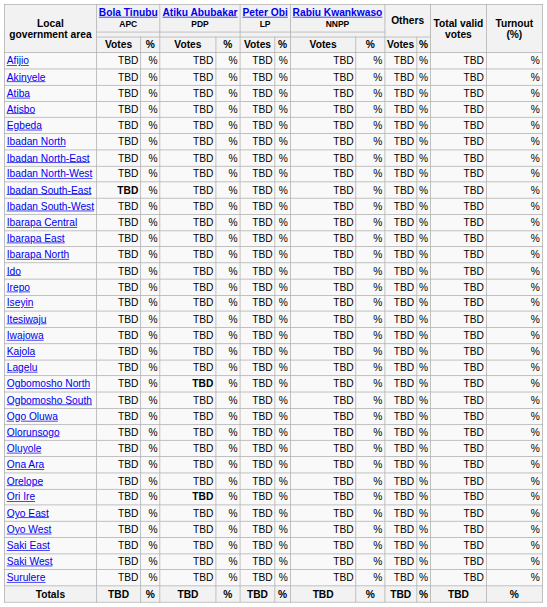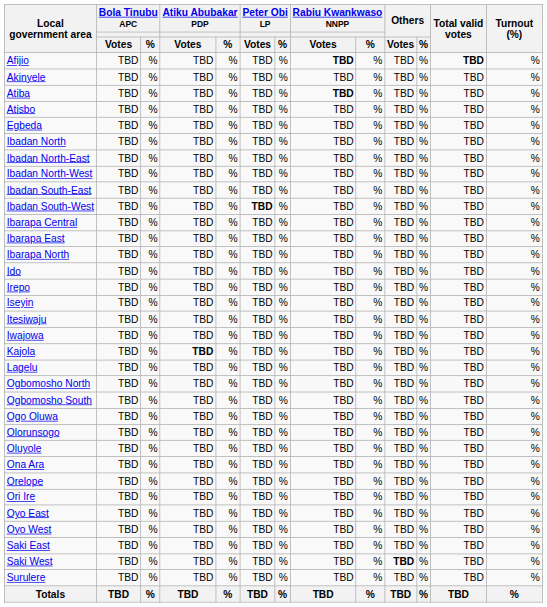 <table class="wikitable sortable" style="text-align:right; font-size:90%">
 <tr>
 <th rowspan="3" style="max-width:7.5em;">Local government area</th>
 <th colspan="2"><a href='#'>Bola Tinubu</a><br><small>APC</small></th>
 <th colspan="2"><a href='#'>Atiku Abubakar</a><br><small>PDP</small></th>
 <th colspan="2"><a href='#'>Peter Obi</a><br><small>LP</small></th>
 <th colspan="2"><a href='#'>Rabiu Kwankwaso</a><br><small>NNPP</small></th>
 <th colspan="2" rowspan="2">Others</th>
 <th rowspan="3" style="max-width:5em;">Total valid votes</th>
 <th rowspan="3" style="max-width:5em;">Turnout (%)</th>
 </tr>
 <tr>
 <th colspan=2 style="background-color:"></th>
 <th colspan=2 style="background-color:"></th>
 <th colspan=2 style="background-color:"></th>
 <th colspan=2 style="background-color:"></th>
 </tr>
 <tr>
 <th>Votes</th>
 <th>%</th>
 <th>Votes</th>
 <th>%</th>
 <th>Votes</th>
 <th>%</th>
 <th>Votes</th>
 <th>%</th>
 <th>Votes</th>
 <th>%</th>
 </tr>
 <tr style="background-color:#">
 <td style="text-align:left;"><a href='#'>Afijio</a></td>
 <td>TBD</td>
 <td>%</td>
 <td>TBD</td>
 <td>%</td>
 <td>TBD</td>
 <td>%</td>
-<td>TBD</td>
+<td><strong>TBD</strong></td>
 <td>%</td>
 <td>TBD</td>
 <td>%</td>
-<td>TBD</td>
+<td><strong>TBD</strong></td>
 <td>%</td>
 </tr>
 <tr style="background-color:#">
 <td style="text-align:left;"><a href='#'>Akinyele</a></td>
 <td>TBD</td>
 <td>%</td>
 <td>TBD</td>
 <td>%</td>
 <td>TBD</td>
 <td>%</td>
 <td>TBD</td>
 <td>%</td>
 <td>TBD</td>
 <td>%</td>
 <td>TBD</td>
 <td>%</td>
 </tr>
 <tr style="background-color:#">
 <td style="text-align:left;"><a href='#'>Atiba</a></td>
 <td>TBD</td>
 <td>%</td>
 <td>TBD</td>
 <td>%</td>
 <td>TBD</td>
 <td>%</td>
-<td>TBD</td>
+<td><strong>TBD</strong></td>
 <td>%</td>
 <td>TBD</td>
 <td>%</td>
 <td>TBD</td>
 <td>%</td>
 </tr>
 <tr style="background-color:#">
 <td style="text-align:left;"><a href='#'>Atisbo</a></td>
 <td>TBD</td>
 <td>%</td>
 <td>TBD</td>
 <td>%</td>
 <td>TBD</td>
 <td>%</td>
 <td>TBD</td>
 <td>%</td>
 <td>TBD</td>
 <td>%</td>
 <td>TBD</td>
 <td>%</td>
 </tr>
 <tr style="background-color:#">
 <td style="text-align:left;"><a href='#'>Egbeda</a></td>
 <td>TBD</td>
 <td>%</td>
 <td>TBD</td>
 <td>%</td>
 <td>TBD</td>
 <td>%</td>
 <td>TBD</td>
 <td>%</td>
 <td>TBD</td>
 <td>%</td>
 <td>TBD</td>
 <td>%</td>
 </tr>
 <tr style="background-color:#">
 <td style="text-align:left;"><a href='#'>Ibadan North</a></td>
 <td>TBD</td>
 <td>%</td>
 <td>TBD</td>
 <td>%</td>
 <td>TBD</td>
 <td>%</td>
 <td>TBD</td>
 <td>%</td>
 <td>TBD</td>
 <td>%</td>
 <td>TBD</td>
 <td>%</td>
 </tr>
 <tr style="background-color:#">
 <td style="text-align:left;"><a href='#'>Ibadan North-East</a></td>
 <td>TBD</td>
 <td>%</td>
 <td>TBD</td>
 <td>%</td>
 <td>TBD</td>
 <td>%</td>
 <td>TBD</td>
 <td>%</td>
 <td>TBD</td>
 <td>%</td>
 <td>TBD</td>
 <td>%</td>
 </tr>
 <tr style="background-color:#">
 <td style="text-align:left;"><a href='#'>Ibadan North-West</a></td>
 <td>TBD</td>
 <td>%</td>
 <td>TBD</td>
 <td>%</td>
 <td>TBD</td>
 <td>%</td>
 <td>TBD</td>
 <td>%</td>
 <td>TBD</td>
 <td>%</td>
 <td>TBD</td>
 <td>%</td>
 </tr>
 <tr style="background-color:#">
 <td style="text-align:left;"><a href='#'>Ibadan South-East</a></td>
-<td><strong>TBD</strong></td>
+<td>TBD</td>
 <td>%</td>
 <td>TBD</td>
 <td>%</td>
 <td>TBD</td>
 <td>%</td>
 <td>TBD</td>
 <td>%</td>
 <td>TBD</td>
 <td>%</td>
 <td>TBD</td>
 <td>%</td>
 </tr>
 <tr style="background-color:#">
 <td style="text-align:left;"><a href='#'>Ibadan South-West</a></td>
 <td>TBD</td>
 <td>%</td>
 <td>TBD</td>
 <td>%</td>
-<td>TBD</td>
+<td><strong>TBD</strong></td>
 <td>%</td>
 <td>TBD</td>
 <td>%</td>
 <td>TBD</td>
 <td>%</td>
 <td>TBD</td>
 <td>%</td>
 </tr>
 <tr style="background-color:#">
 <td style="text-align:left;"><a href='#'>Ibarapa Central</a></td>
 <td>TBD</td>
 <td>%</td>
 <td>TBD</td>
 <td>%</td>
 <td>TBD</td>
 <td>%</td>
 <td>TBD</td>
 <td>%</td>
 <td>TBD</td>
 <td>%</td>
 <td>TBD</td>
 <td>%</td>
 </tr>
 <tr style="background-color:#">
 <td style="text-align:left;"><a href='#'>Ibarapa East</a></td>
 <td>TBD</td>
 <td>%</td>
 <td>TBD</td>
 <td>%</td>
 <td>TBD</td>
 <td>%</td>
 <td>TBD</td>
 <td>%</td>
 <td>TBD</td>
 <td>%</td>
 <td>TBD</td>
 <td>%</td>
 </tr>
 <tr style="background-color:#">
 <td style="text-align:left;"><a href='#'>Ibarapa North</a></td>
 <td>TBD</td>
 <td>%</td>
 <td>TBD</td>
 <td>%</td>
 <td>TBD</td>
 <td>%</td>
 <td>TBD</td>
 <td>%</td>
 <td>TBD</td>
 <td>%</td>
 <td>TBD</td>
 <td>%</td>
 </tr>
 <tr style="background-color:#">
 <td style="text-align:left;"><a href='#'>Ido</a></td>
 <td>TBD</td>
 <td>%</td>
 <td>TBD</td>
 <td>%</td>
 <td>TBD</td>
 <td>%</td>
 <td>TBD</td>
 <td>%</td>
 <td>TBD</td>
 <td>%</td>
 <td>TBD</td>
 <td>%</td>
 </tr>
 <tr style="background-color:#">
 <td style="text-align:left;"><a href='#'>Irepo</a></td>
 <td>TBD</td>
 <td>%</td>
 <td>TBD</td>
 <td>%</td>
 <td>TBD</td>
 <td>%</td>
 <td>TBD</td>
 <td>%</td>
 <td>TBD</td>
 <td>%</td>
 <td>TBD</td>
 <td>%</td>
 </tr>
 <tr style="background-color:#">
 <td style="text-align:left;"><a href='#'>Iseyin</a></td>
 <td>TBD</td>
 <td>%</td>
 <td>TBD</td>
 <td>%</td>
 <td>TBD</td>
 <td>%</td>
 <td>TBD</td>
 <td>%</td>
 <td>TBD</td>
 <td>%</td>
 <td>TBD</td>
 <td>%</td>
 </tr>
 <tr style="background-color:#">
 <td style="text-align:left;"><a href='#'>Itesiwaju</a></td>
 <td>TBD</td>
 <td>%</td>
 <td>TBD</td>
 <td>%</td>
 <td>TBD</td>
 <td>%</td>
 <td>TBD</td>
 <td>%</td>
 <td>TBD</td>
 <td>%</td>
 <td>TBD</td>
 <td>%</td>
 </tr>
 <tr style="background-color:#">
 <td style="text-align:left;"><a href='#'>Iwajowa</a></td>
 <td>TBD</td>
 <td>%</td>
 <td>TBD</td>
 <td>%</td>
 <td>TBD</td>
 <td>%</td>
 <td>TBD</td>
 <td>%</td>
 <td>TBD</td>
 <td>%</td>
 <td>TBD</td>
 <td>%</td>
 </tr>
 <tr style="background-color:#">
 <td style="text-align:left;"><a href='#'>Kajola</a></td>
 <td>TBD</td>
 <td>%</td>
-<td>TBD</td>
+<td><strong>TBD</strong></td>
 <td>%</td>
 <td>TBD</td>
 <td>%</td>
 <td>TBD</td>
 <td>%</td>
 <td>TBD</td>
 <td>%</td>
 <td>TBD</td>
 <td>%</td>
 </tr>
 <tr style="background-color:#">
 <td style="text-align:left;"><a href='#'>Lagelu</a></td>
 <td>TBD</td>
 <td>%</td>
 <td>TBD</td>
 <td>%</td>
 <td>TBD</td>
 <td>%</td>
 <td>TBD</td>
 <td>%</td>
 <td>TBD</td>
 <td>%</td>
 <td>TBD</td>
 <td>%</td>
 </tr>
 <tr style="background-color:#">
 <td style="text-align:left;"><a href='#'>Ogbomosho North</a></td>
 <td>TBD</td>
 <td>%</td>
-<td><strong>TBD</strong></td>
+<td>TBD</td>
 <td>%</td>
 <td>TBD</td>
 <td>%</td>
 <td>TBD</td>
 <td>%</td>
 <td>TBD</td>
 <td>%</td>
 <td>TBD</td>
 <td>%</td>
 </tr>
 <tr style="background-color:#">
 <td style="text-align:left;"><a href='#'>Ogbomosho South</a></td>
 <td>TBD</td>
 <td>%</td>
 <td>TBD</td>
 <td>%</td>
 <td>TBD</td>
 <td>%</td>
 <td>TBD</td>
 <td>%</td>
 <td>TBD</td>
 <td>%</td>
 <td>TBD</td>
 <td>%</td>
 </tr>
 <tr style="background-color:#">
 <td style="text-align:left;"><a href='#'>Ogo Oluwa</a></td>
 <td>TBD</td>
 <td>%</td>
 <td>TBD</td>
 <td>%</td>
 <td>TBD</td>
 <td>%</td>
 <td>TBD</td>
 <td>%</td>
 <td>TBD</td>
 <td>%</td>
 <td>TBD</td>
 <td>%</td>
 </tr>
 <tr style="background-color:#">
 <td style="text-align:left;"><a href='#'>Olorunsogo</a></td>
 <td>TBD</td>
 <td>%</td>
 <td>TBD</td>
 <td>%</td>
 <td>TBD</td>
 <td>%</td>
 <td>TBD</td>
 <td>%</td>
 <td>TBD</td>
 <td>%</td>
 <td>TBD</td>
 <td>%</td>
 </tr>
 <tr style="background-color:#">
 <td style="text-align:left;"><a href='#'>Oluyole</a></td>
 <td>TBD</td>
 <td>%</td>
 <td>TBD</td>
 <td>%</td>
 <td>TBD</td>
 <td>%</td>
 <td>TBD</td>
 <td>%</td>
 <td>TBD</td>
 <td>%</td>
 <td>TBD</td>
 <td>%</td>
 </tr>
 <tr style="background-color:#">
 <td style="text-align:left;"><a href='#'>Ona Ara</a></td>
 <td>TBD</td>
 <td>%</td>
 <td>TBD</td>
 <td>%</td>
 <td>TBD</td>
 <td>%</td>
 <td>TBD</td>
 <td>%</td>
 <td>TBD</td>
 <td>%</td>
 <td>TBD</td>
 <td>%</td>
 </tr>
 <tr style="background-color:#">
 <td style="text-align:left;"><a href='#'>Orelope</a></td>
 <td>TBD</td>
 <td>%</td>
 <td>TBD</td>
 <td>%</td>
 <td>TBD</td>
 <td>%</td>
 <td>TBD</td>
 <td>%</td>
 <td>TBD</td>
 <td>%</td>
 <td>TBD</td>
 <td>%</td>
 </tr>
 <tr style="background-color:#">
 <td style="text-align:left;"><a href='#'>Ori Ire</a></td>
 <td>TBD</td>
 <td>%</td>
-<td><strong>TBD</strong></td>
+<td>TBD</td>
 <td>%</td>
 <td>TBD</td>
 <td>%</td>
 <td>TBD</td>
 <td>%</td>
 <td>TBD</td>
 <td>%</td>
 <td>TBD</td>
 <td>%</td>
 </tr>
 <tr style="background-color:#">
 <td style="text-align:left;"><a href='#'>Oyo East</a></td>
 <td>TBD</td>
 <td>%</td>
 <td>TBD</td>
 <td>%</td>
 <td>TBD</td>
 <td>%</td>
 <td>TBD</td>
 <td>%</td>
 <td>TBD</td>
 <td>%</td>
 <td>TBD</td>
 <td>%</td>
 </tr>
 <tr style="background-color:#">
 <td style="text-align:left;"><a href='#'>Oyo West</a></td>
 <td>TBD</td>
 <td>%</td>
 <td>TBD</td>
 <td>%</td>
 <td>TBD</td>
 <td>%</td>
 <td>TBD</td>
 <td>%</td>
 <td>TBD</td>
 <td>%</td>
 <td>TBD</td>
 <td>%</td>
 </tr>
 <tr style="background-color:#">
 <td style="text-align:left;"><a href='#'>Saki East</a></td>
 <td>TBD</td>
 <td>%</td>
 <td>TBD</td>
 <td>%</td>
 <td>TBD</td>
 <td>%</td>
 <td>TBD</td>
 <td>%</td>
 <td>TBD</td>
 <td>%</td>
 <td>TBD</td>
 <td>%</td>
 </tr>
 <tr style="background-color:#">
 <td style="text-align:left;"><a href='#'>Saki West</a></td>
 <td>TBD</td>
 <td>%</td>
 <td>TBD</td>
 <td>%</td>
 <td>TBD</td>
 <td>%</td>
 <td>TBD</td>
 <td>%</td>
-<td>TBD</td>
+<td><strong>TBD</strong></td>
 <td>%</td>
 <td>TBD</td>
 <td>%</td>
 </tr>
 <tr style="background-color:#">
 <td style="text-align:left;"><a href='#'>Surulere</a></td>
 <td>TBD</td>
 <td>%</td>
 <td>TBD</td>
 <td>%</td>
 <td>TBD</td>
 <td>%</td>
 <td>TBD</td>
 <td>%</td>
 <td>TBD</td>
 <td>%</td>
 <td>TBD</td>
 <td>%</td>
 </tr>
 <tr>
 <th>Totals</th>
 <th>TBD</th>
 <th>%</th>
 <th>TBD</th>
 <th>%</th>
 <th>TBD</th>
 <th>%</th>
 <th>TBD</th>
 <th>%</th>
 <th>TBD</th>
 <th>%</th>
 <th>TBD</th>
 <th>%</th>
 </tr>
 </table>
